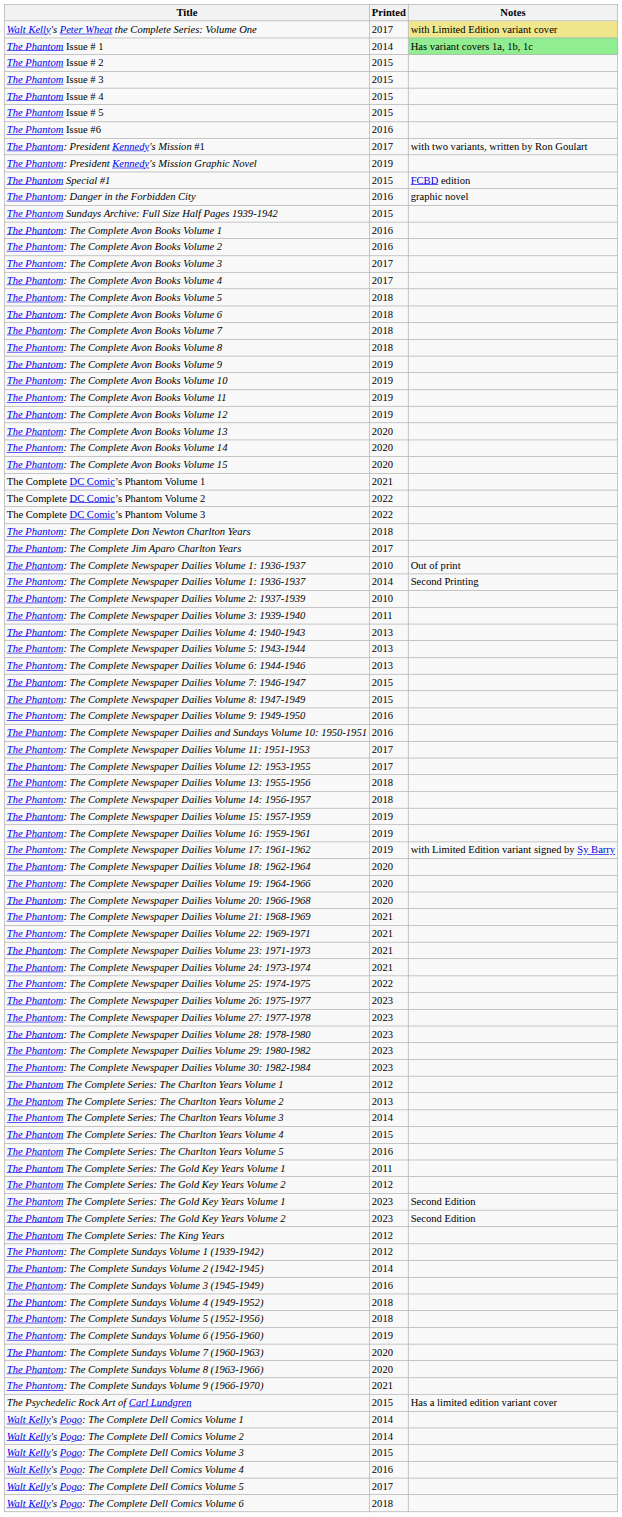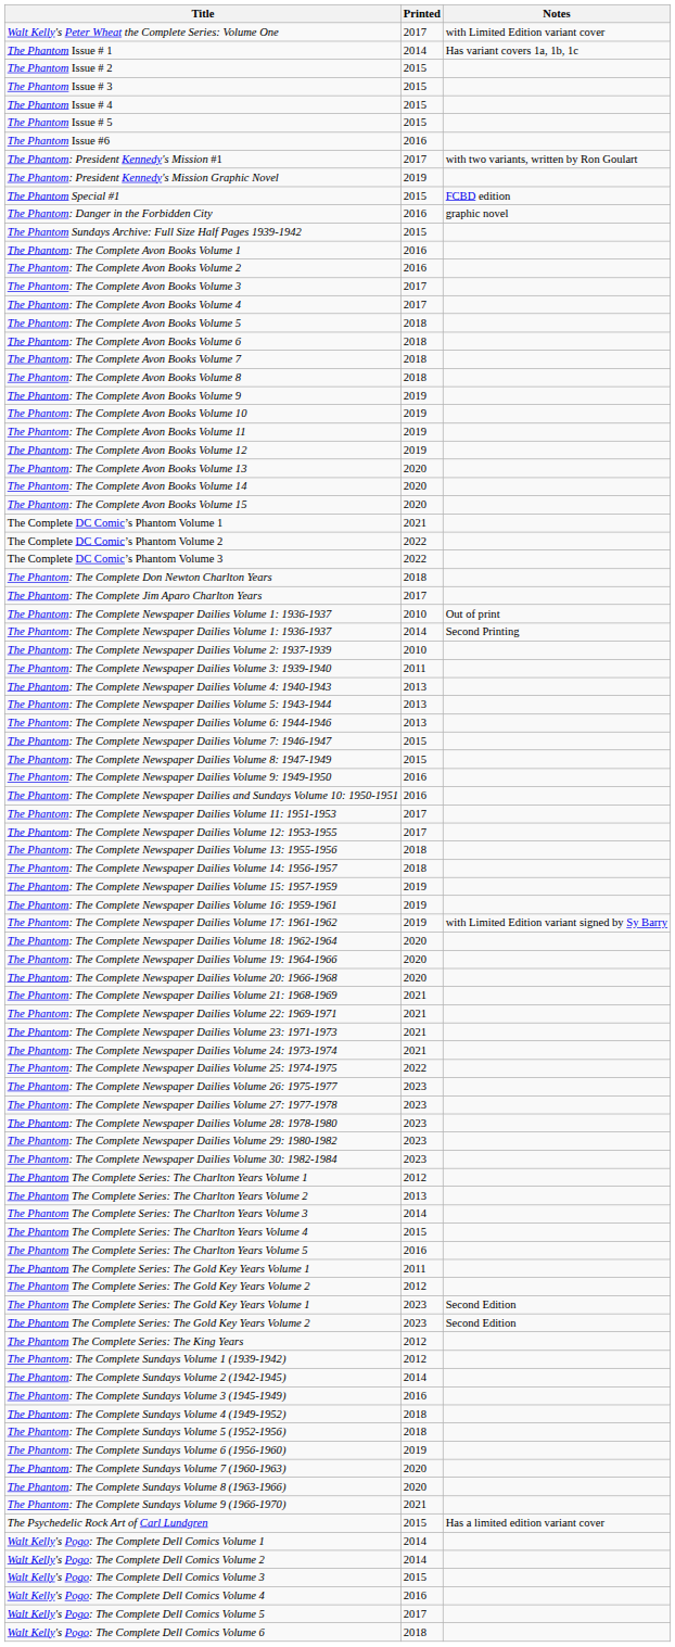 <table class="wikitable">
 <tr>
 <th>Title</th>
 <th>Printed</th>
 <th>Notes</th>
 </tr>
 <tr>
 <td><em><a href='#'>Walt Kelly</a>'s <a href='#'>Peter Wheat</a> the Complete Series: Volume One</em></td>
 <td>2017</td>
-<td style="background: khaki;">with Limited Edition variant cover</td>
+<td>with Limited Edition variant cover</td>
 </tr>
 <tr>
 <td><em><a href='#'>The Phantom</a></em> Issue # 1</td>
 <td>2014</td>
-<td style="background: lightgreen;">Has variant covers 1a, 1b, 1c</td>
+<td>Has variant covers 1a, 1b, 1c</td>
 </tr>
 <tr>
 <td><em><a href='#'>The Phantom</a></em> Issue # 2</td>
 <td>2015</td>
 <td></td>
 </tr>
 <tr>
 <td><em><a href='#'>The Phantom</a></em> Issue # 3</td>
 <td>2015</td>
 <td></td>
 </tr>
 <tr>
 <td><em><a href='#'>The Phantom</a></em> Issue # 4</td>
 <td>2015</td>
 <td></td>
 </tr>
 <tr>
 <td><em><a href='#'>The Phantom</a></em> Issue # 5</td>
 <td>2015</td>
 <td></td>
 </tr>
 <tr>
 <td><em><a href='#'>The Phantom</a></em> Issue #6</td>
 <td>2016</td>
 <td></td>
 </tr>
 <tr>
 <td><em><a href='#'>The Phantom</a>: President <a href='#'>Kennedy</a>'s Mission</em> #1</td>
 <td>2017</td>
 <td>with two variants, written by Ron Goulart</td>
 </tr>
 <tr>
 <td><em><a href='#'>The Phantom</a>: President <a href='#'>Kennedy</a>'s Mission Graphic Novel</em></td>
 <td>2019</td>
 <td></td>
 </tr>
 <tr>
 <td><em><a href='#'>The Phantom</a> Special #1</em></td>
 <td>2015</td>
 <td><a href='#'>FCBD</a> edition</td>
 </tr>
 <tr>
 <td><em><a href='#'>The Phantom</a>: Danger in the Forbidden City</em></td>
 <td>2016</td>
 <td>graphic novel</td>
 </tr>
 <tr>
 <td><em><a href='#'>The Phantom</a> Sundays Archive: Full Size Half Pages 1939-1942</em></td>
 <td>2015</td>
 <td></td>
 </tr>
 <tr>
 <td><em><a href='#'>The Phantom</a>: The Complete Avon Books Volume 1</em></td>
 <td>2016</td>
 <td></td>
 </tr>
 <tr>
 <td><em><a href='#'>The Phantom</a>: The Complete Avon Books Volume 2</em></td>
 <td>2016</td>
 <td></td>
 </tr>
 <tr>
 <td><em><a href='#'>The Phantom</a>: The Complete Avon Books Volume 3</em></td>
 <td>2017</td>
 <td></td>
 </tr>
 <tr>
 <td><em><a href='#'>The Phantom</a>: The Complete Avon Books Volume 4</em></td>
 <td>2017</td>
 <td></td>
 </tr>
 <tr>
 <td><em><a href='#'>The Phantom</a>: The Complete Avon Books Volume 5</em></td>
 <td>2018</td>
 <td></td>
 </tr>
 <tr>
 <td><em><a href='#'>The Phantom</a>: The Complete Avon Books Volume 6</em></td>
 <td>2018</td>
 <td></td>
 </tr>
 <tr>
 <td><em><a href='#'>The Phantom</a>: The Complete Avon Books Volume 7</em></td>
 <td>2018</td>
 <td></td>
 </tr>
 <tr>
 <td><em><a href='#'>The Phantom</a>: The Complete Avon Books Volume 8</em></td>
 <td>2018</td>
 <td></td>
 </tr>
 <tr>
 <td><em><a href='#'>The Phantom</a>: The Complete Avon Books Volume 9</em></td>
 <td>2019</td>
 <td></td>
 </tr>
 <tr>
 <td><em><a href='#'>The Phantom</a>: The Complete Avon Books Volume 10</em></td>
 <td>2019</td>
 <td></td>
 </tr>
 <tr>
 <td><em><a href='#'>The Phantom</a>: The Complete Avon Books Volume 11</em></td>
 <td>2019</td>
 <td></td>
 </tr>
 <tr>
 <td><em><a href='#'>The Phantom</a>: The Complete Avon Books Volume 12</em></td>
 <td>2019</td>
 <td></td>
 </tr>
 <tr>
 <td><em><a href='#'>The Phantom</a>: The Complete Avon Books Volume 13</em></td>
 <td>2020</td>
 <td></td>
 </tr>
 <tr>
 <td><em><a href='#'>The Phantom</a>: The Complete Avon Books Volume 14</em></td>
 <td>2020</td>
 <td></td>
 </tr>
 <tr>
 <td><em><a href='#'>The Phantom</a>: The Complete Avon Books Volume 15</em></td>
 <td>2020</td>
 <td></td>
 </tr>
 <tr>
 <td>The Complete <a href='#'>DC Comic</a>’s Phantom Volume 1</td>
 <td>2021</td>
 <td></td>
 </tr>
 <tr>
 <td>The Complete <a href='#'>DC Comic</a>’s Phantom Volume 2</td>
 <td>2022</td>
 <td></td>
 </tr>
 <tr>
 <td>The Complete <a href='#'>DC Comic</a>’s Phantom Volume 3</td>
 <td>2022</td>
 <td></td>
 </tr>
 <tr>
 <td><em><a href='#'>The Phantom</a>: The Complete Don Newton Charlton Years</em></td>
 <td>2018</td>
 <td></td>
 </tr>
 <tr>
 <td><em><a href='#'>The Phantom</a>: The Complete Jim Aparo Charlton Years</em></td>
 <td>2017</td>
 <td></td>
 </tr>
 <tr>
 <td><em><a href='#'>The Phantom</a>: The Complete Newspaper Dailies Volume 1: 1936-1937</em></td>
 <td>2010</td>
 <td>Out of print</td>
 </tr>
 <tr>
 <td><em><a href='#'>The Phantom</a>: The Complete Newspaper Dailies Volume 1: 1936-1937</em></td>
 <td>2014</td>
 <td>Second Printing</td>
 </tr>
 <tr>
 <td><em><a href='#'>The Phantom</a>: The Complete Newspaper Dailies Volume 2: 1937-1939</em></td>
 <td>2010</td>
 <td></td>
 </tr>
 <tr>
 <td><em><a href='#'>The Phantom</a>: The Complete Newspaper Dailies Volume 3: 1939-1940</em></td>
 <td>2011</td>
 <td></td>
 </tr>
 <tr>
 <td><em><a href='#'>The Phantom</a>: The Complete Newspaper Dailies Volume 4: 1940-1943</em></td>
 <td>2013</td>
 <td></td>
 </tr>
 <tr>
 <td><em><a href='#'>The Phantom</a>: The Complete Newspaper Dailies Volume 5: 1943-1944</em></td>
 <td>2013</td>
 <td></td>
 </tr>
 <tr>
 <td><em><a href='#'>The Phantom</a>: The Complete Newspaper Dailies Volume 6: 1944-1946</em></td>
 <td>2013</td>
 <td></td>
 </tr>
 <tr>
 <td><em><a href='#'>The Phantom</a>: The Complete Newspaper Dailies Volume 7: 1946-1947</em></td>
 <td>2015</td>
 <td></td>
 </tr>
 <tr>
 <td><em><a href='#'>The Phantom</a>: The Complete Newspaper Dailies Volume 8: 1947-1949</em></td>
 <td>2015</td>
 <td></td>
 </tr>
 <tr>
 <td><em><a href='#'>The Phantom</a>: The Complete Newspaper Dailies Volume 9: 1949-1950</em></td>
 <td>2016</td>
 <td></td>
 </tr>
 <tr>
 <td><em><a href='#'>The Phantom</a>: The Complete Newspaper Dailies and Sundays Volume 10: 1950-1951</em></td>
 <td>2016</td>
 <td></td>
 </tr>
 <tr>
 <td><em><a href='#'>The Phantom</a>: The Complete Newspaper Dailies Volume 11: 1951-1953</em></td>
 <td>2017</td>
 <td></td>
 </tr>
 <tr>
 <td><em><a href='#'>The Phantom</a>: The Complete Newspaper Dailies Volume 12: 1953-1955</em></td>
 <td>2017</td>
 <td></td>
 </tr>
 <tr>
 <td><em><a href='#'>The Phantom</a>: The Complete Newspaper Dailies Volume 13: 1955-1956</em></td>
 <td>2018</td>
 <td></td>
 </tr>
 <tr>
 <td><em><a href='#'>The Phantom</a>: The Complete Newspaper Dailies Volume 14: 1956-1957</em></td>
 <td>2018</td>
 <td></td>
 </tr>
 <tr>
 <td><em><a href='#'>The Phantom</a>: The Complete Newspaper Dailies Volume 15: 1957-1959</em></td>
 <td>2019</td>
 <td></td>
 </tr>
 <tr>
 <td><em><a href='#'>The Phantom</a>: The Complete Newspaper Dailies Volume 16: 1959-1961</em></td>
 <td>2019</td>
 <td></td>
 </tr>
 <tr>
 <td><em><a href='#'>The Phantom</a>: The Complete Newspaper Dailies Volume 17: 1961-1962</em></td>
 <td>2019</td>
 <td>with Limited Edition variant signed by <a href='#'>Sy Barry</a></td>
 </tr>
 <tr>
 <td><em><a href='#'>The Phantom</a>: The Complete Newspaper Dailies Volume 18: 1962-1964</em></td>
 <td>2020</td>
 </tr>
 <tr>
 <td><em><a href='#'>The Phantom</a>: The Complete Newspaper Dailies Volume 19: 1964-1966</em></td>
 <td>2020</td>
 <td></td>
 </tr>
 <tr>
 <td><em><a href='#'>The Phantom</a>: The Complete Newspaper Dailies Volume 20: 1966-1968</em></td>
 <td>2020</td>
 <td></td>
 </tr>
 <tr>
 <td><em><a href='#'>The Phantom</a>: The Complete Newspaper Dailies Volume 21: 1968-1969</em></td>
 <td>2021</td>
 <td></td>
 </tr>
 <tr>
 <td><em><a href='#'>The Phantom</a>: The Complete Newspaper Dailies Volume 22: 1969-1971</em></td>
 <td>2021</td>
 <td></td>
 </tr>
 <tr>
 <td><em><a href='#'>The Phantom</a>: The Complete Newspaper Dailies Volume 23: 1971-1973</em></td>
 <td>2021</td>
 <td></td>
 </tr>
 <tr>
 <td><em><a href='#'>The Phantom</a>: The Complete Newspaper Dailies Volume 24: 1973-1974</em></td>
 <td>2021</td>
 <td></td>
 </tr>
 <tr>
 <td><em><a href='#'>The Phantom</a>: The Complete Newspaper Dailies Volume 25: 1974-1975</em></td>
 <td>2022</td>
 <td></td>
 </tr>
 <tr>
 <td><em><a href='#'>The Phantom</a>: The Complete Newspaper Dailies Volume 26: 1975-1977</em></td>
 <td>2023</td>
 <td></td>
 </tr>
 <tr>
 <td><em><a href='#'>The Phantom</a>: The Complete Newspaper Dailies Volume 27: 1977-1978</em></td>
 <td>2023</td>
 <td></td>
 </tr>
 <tr>
 <td><em><a href='#'>The Phantom</a>: The Complete Newspaper Dailies Volume 28: 1978-1980</em></td>
 <td>2023</td>
 <td></td>
 </tr>
 <tr>
 <td><em><a href='#'>The Phantom</a>: The Complete Newspaper Dailies Volume 29: 1980-1982</em></td>
 <td>2023</td>
 <td></td>
 </tr>
 <tr>
 <td><em><a href='#'>The Phantom</a>: The Complete Newspaper Dailies Volume 30: 1982-1984</em></td>
 <td>2023</td>
 <td></td>
 </tr>
 <tr>
 <td><em><a href='#'>The Phantom</a> The Complete Series: The Charlton Years Volume 1</em></td>
 <td>2012</td>
 <td></td>
 </tr>
 <tr>
 <td><em><a href='#'>The Phantom</a> The Complete Series: The Charlton Years Volume 2</em></td>
 <td>2013</td>
 <td></td>
 </tr>
 <tr>
 <td><em><a href='#'>The Phantom</a> The Complete Series: The Charlton Years Volume 3</em></td>
 <td>2014</td>
 <td></td>
 </tr>
 <tr>
 <td><em><a href='#'>The Phantom</a> The Complete Series: The Charlton Years Volume 4</em></td>
 <td>2015</td>
 <td></td>
 </tr>
 <tr>
 <td><em><a href='#'>The Phantom</a> The Complete Series: The Charlton Years Volume 5</em></td>
 <td>2016</td>
 <td></td>
 </tr>
 <tr>
 <td><em><a href='#'>The Phantom</a> The Complete Series: The Gold Key Years Volume 1</em></td>
 <td>2011</td>
 <td></td>
 </tr>
 <tr>
 <td><em><a href='#'>The Phantom</a> The Complete Series: The Gold Key Years Volume 2</em></td>
 <td>2012</td>
 <td></td>
 </tr>
 <tr>
 <td><em><a href='#'>The Phantom</a> The Complete Series: The Gold Key Years Volume 1</em></td>
 <td>2023</td>
 <td>Second Edition</td>
 </tr>
 <tr>
 <td><em><a href='#'>The Phantom</a> The Complete Series: The Gold Key Years Volume 2</em></td>
 <td>2023</td>
 <td>Second Edition</td>
 </tr>
 <tr>
 <td><em><a href='#'>The Phantom</a> The Complete Series: The King Years</em></td>
 <td>2012</td>
 <td></td>
 </tr>
 <tr>
 <td><em><a href='#'>The Phantom</a>: The Complete Sundays Volume 1 (1939-1942)</em></td>
 <td>2012</td>
 <td></td>
 </tr>
 <tr>
 <td><em><a href='#'>The Phantom</a>: The Complete Sundays Volume 2 (1942-1945)</em></td>
 <td>2014</td>
 <td></td>
 </tr>
 <tr>
 <td><em><a href='#'>The Phantom</a>: The Complete Sundays Volume 3 (1945-1949)</em></td>
 <td>2016</td>
 <td></td>
 </tr>
 <tr>
 <td><em><a href='#'>The Phantom</a>: The Complete Sundays Volume 4 (1949-1952)</em></td>
 <td>2018</td>
 <td></td>
 </tr>
 <tr>
 <td><em><a href='#'>The Phantom</a>: The Complete Sundays Volume 5 (1952-1956)</em></td>
 <td>2018</td>
 <td></td>
 </tr>
 <tr>
 <td><em><a href='#'>The Phantom</a>: The Complete Sundays Volume 6 (1956-1960)</em></td>
 <td>2019</td>
 <td></td>
 </tr>
 <tr>
 <td><em><a href='#'>The Phantom</a>: The Complete Sundays Volume 7 (1960-1963)</em></td>
 <td>2020</td>
 <td></td>
 </tr>
 <tr>
 <td><em><a href='#'>The Phantom</a>: The Complete Sundays Volume 8 (1963-1966)</em></td>
 <td>2020</td>
 <td></td>
 </tr>
 <tr>
 <td><em><a href='#'>The Phantom</a>: The Complete Sundays Volume 9 (1966-1970)</em></td>
 <td>2021</td>
 <td></td>
 </tr>
 <tr>
 <td><em>The Psychedelic Rock Art of <a href='#'>Carl Lundgren</a></em></td>
 <td>2015</td>
 <td>Has a limited edition variant cover</td>
 </tr>
 <tr>
 <td><em><a href='#'>Walt Kelly</a>'s <a href='#'>Pogo</a>: The Complete Dell Comics Volume 1</em></td>
 <td>2014</td>
 <td></td>
 </tr>
 <tr>
 <td><em><a href='#'>Walt Kelly</a>'s <a href='#'>Pogo</a>: The Complete Dell Comics Volume 2</em></td>
 <td>2014</td>
 <td></td>
 </tr>
 <tr>
 <td><em><a href='#'>Walt Kelly</a>'s <a href='#'>Pogo</a>: The Complete Dell Comics Volume 3</em></td>
 <td>2015</td>
 <td></td>
 </tr>
 <tr>
 <td><em><a href='#'>Walt Kelly</a>'s <a href='#'>Pogo</a>: The Complete Dell Comics Volume 4</em></td>
 <td>2016</td>
 <td></td>
 </tr>
 <tr>
 <td><em><a href='#'>Walt Kelly</a>'s <a href='#'>Pogo</a>: The Complete Dell Comics Volume 5</em></td>
 <td>2017</td>
 <td></td>
 </tr>
 <tr>
 <td><em><a href='#'>Walt Kelly</a>'s <a href='#'>Pogo</a>: The Complete Dell Comics Volume 6</em></td>
 <td>2018</td>
 <td></td>
 </tr>
 </table>
